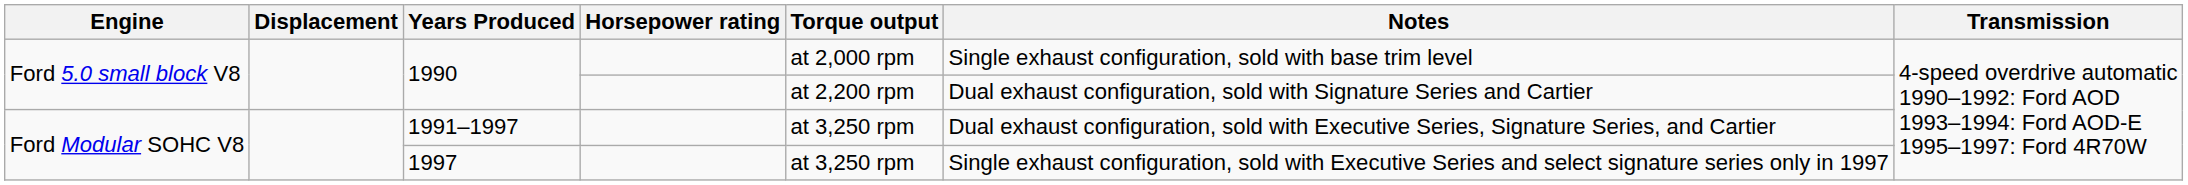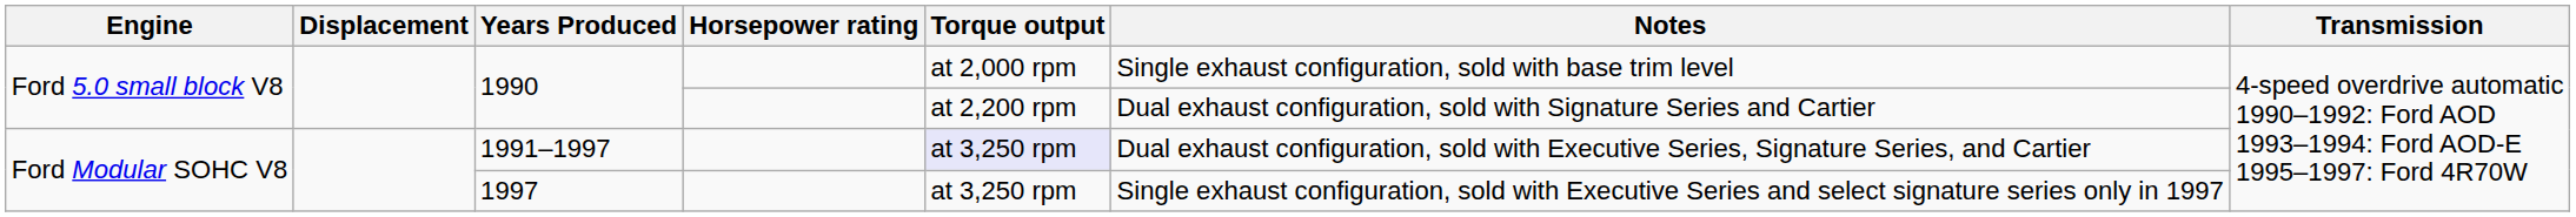 <table class="wikitable">
 <tr>
 <th>Engine</th>
 <th>Displacement</th>
 <th>Years Produced</th>
 <th>Horsepower rating</th>
 <th>Torque output</th>
 <th>Notes</th>
 <th>Transmission</th>
 </tr>
 <tr>
 <td rowspan="2">Ford <em><a href='#'>5.0 small block</a></em> V8</td>
 <td rowspan="2"></td>
 <td rowspan="2">1990</td>
 <td></td>
 <td> at 2,000 rpm</td>
 <td>Single exhaust configuration, sold with base trim level</td>
 <td rowspan="4">4-speed overdrive automatic<br>1990–1992: Ford AOD<br>1993–1994: Ford AOD-E<br>1995–1997: Ford 4R70W</td>
 </tr>
 <tr>
 <td></td>
 <td> at 2,200 rpm</td>
 <td>Dual exhaust configuration, sold with Signature Series and Cartier</td>
 </tr>
 <tr>
 <td rowspan="2">Ford <em><a href='#'>Modular</a></em> SOHC V8</td>
 <td rowspan="2"></td>
 <td>1991–1997</td>
 <td></td>
-<td> at 3,250 rpm</td>
+<td style="background: lavender;"> at 3,250 rpm</td>
 <td>Dual exhaust configuration, sold with Executive Series, Signature Series, and Cartier</td>
 </tr>
 <tr>
 <td>1997</td>
 <td></td>
 <td> at 3,250 rpm</td>
 <td>Single exhaust configuration, sold with Executive Series and select signature series only in 1997</td>
 </tr>
 </table>
